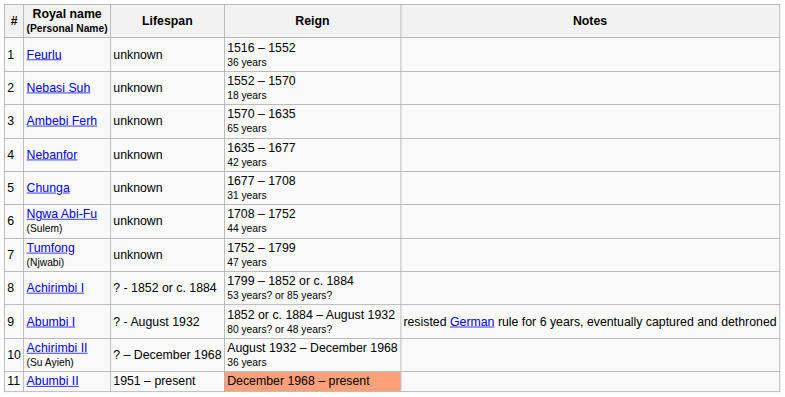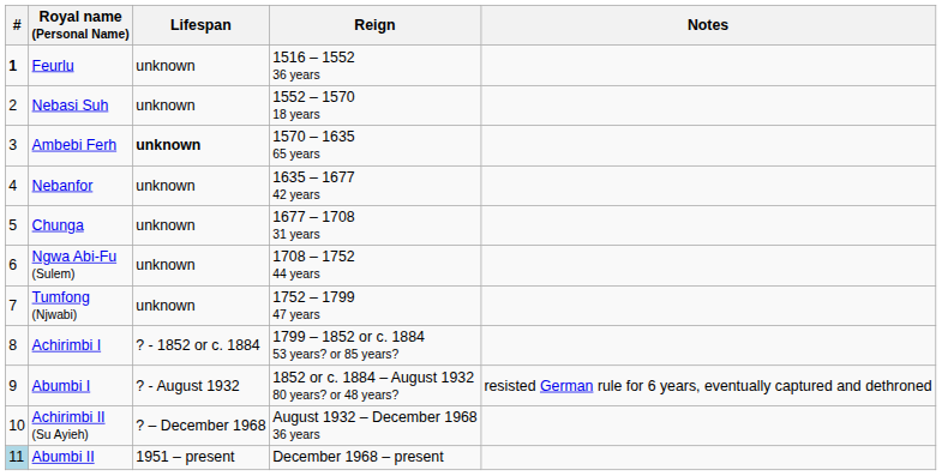 <table class="wikitable">
 <tr>
 <th>#</th>
 <th>Royal name<br><small>(Personal Name)</small></th>
 <th>Lifespan</th>
 <th>Reign</th>
 <th>Notes</th>
 </tr>
 <tr>
-<td>1</td>
+<td><strong>1</strong></td>
 <td><a href='#'>Feurlu</a></td>
 <td>unknown</td>
 <td>1516 – 1552<br><small>36 years</small></td>
 <td></td>
 </tr>
 <tr>
 <td>2</td>
 <td><a href='#'>Nebasi Suh</a></td>
 <td>unknown</td>
 <td>1552 – 1570<br><small>18 years</small></td>
 <td></td>
 </tr>
 <tr>
 <td>3</td>
 <td><a href='#'>Ambebi Ferh</a></td>
-<td>unknown</td>
+<td><strong>unknown</strong></td>
 <td>1570 – 1635<br><small>65 years</small></td>
 <td></td>
 </tr>
 <tr>
 <td>4</td>
 <td><a href='#'>Nebanfor</a></td>
 <td>unknown</td>
 <td>1635 – 1677<br><small>42 years</small></td>
 <td></td>
 </tr>
 <tr>
 <td>5</td>
 <td><a href='#'>Chunga</a></td>
 <td>unknown</td>
 <td>1677 – 1708<br><small>31 years</small></td>
 <td></td>
 </tr>
 <tr>
 <td>6</td>
 <td><a href='#'>Ngwa Abi-Fu</a><br><small>(Sulem)</small></td>
 <td>unknown</td>
 <td>1708 – 1752<br><small>44 years</small></td>
 <td></td>
 </tr>
 <tr>
 <td>7</td>
 <td><a href='#'>Tumfong</a><br><small>(Njwabi)</small></td>
 <td>unknown</td>
 <td>1752 – 1799<br><small>47 years</small></td>
 <td></td>
 </tr>
 <tr>
 <td>8</td>
 <td><a href='#'>Achirimbi I</a></td>
 <td>? - 1852 or c. 1884</td>
 <td>1799 – 1852 or c. 1884<br><small>53 years? or 85 years?</small></td>
 <td></td>
 </tr>
 <tr>
 <td>9</td>
 <td><a href='#'>Abumbi I</a></td>
 <td>? - August 1932</td>
 <td>1852 or c. 1884 – August 1932<br><small>80 years? or 48 years?</small></td>
 <td>resisted <a href='#'>German</a> rule for 6 years, eventually captured and dethroned</td>
 </tr>
 <tr>
 <td>10</td>
 <td><a href='#'>Achirimbi II</a><br><small>(Su Ayieh)</small></td>
 <td>? – December 1968</td>
 <td>August 1932 – December 1968<br><small>36 years</small></td>
 <td></td>
 </tr>
 <tr>
-<td>11</td>
+<td style="background: lightblue;">11</td>
 <td><a href='#'>Abumbi II</a></td>
 <td>1951 – present</td>
-<td style="background: lightsalmon;">December 1968 – present<br><small></small></td>
+<td>December 1968 – present<br><small></small></td>
 </tr>
 </table>
